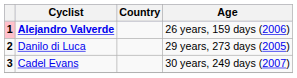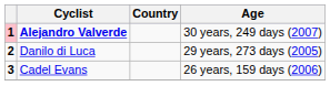 <table class="wikitable">
 <tr style="background:#ccccff;">
 <th></th>
 <th>Cyclist</th>
 <th>Country</th>
 <th>Age</th>
 </tr>
 <tr>
 <td style="background: pink;"><strong>1</strong></td>
 <td><strong><a href='#'>Alejandro Valverde</a></strong></td>
 <td></td>
-<td>26 years, 159 days (<a href='#'>2006</a>)</td>
+<td>30 years, 249 days (<a href='#'>2007</a>)</td>
 </tr>
 <tr>
 <td><strong>2</strong></td>
 <td><a href='#'>Danilo di Luca</a></td>
 <td></td>
 <td>29 years, 273 days (<a href='#'>2005</a>)</td>
 </tr>
 <tr>
 <td><strong>3</strong></td>
 <td><a href='#'>Cadel Evans</a></td>
 <td></td>
-<td>30 years, 249 days (<a href='#'>2007</a>)</td>
+<td>26 years, 159 days (<a href='#'>2006</a>)</td>
 </tr>
 <tr>
 </tr>
 </table>
